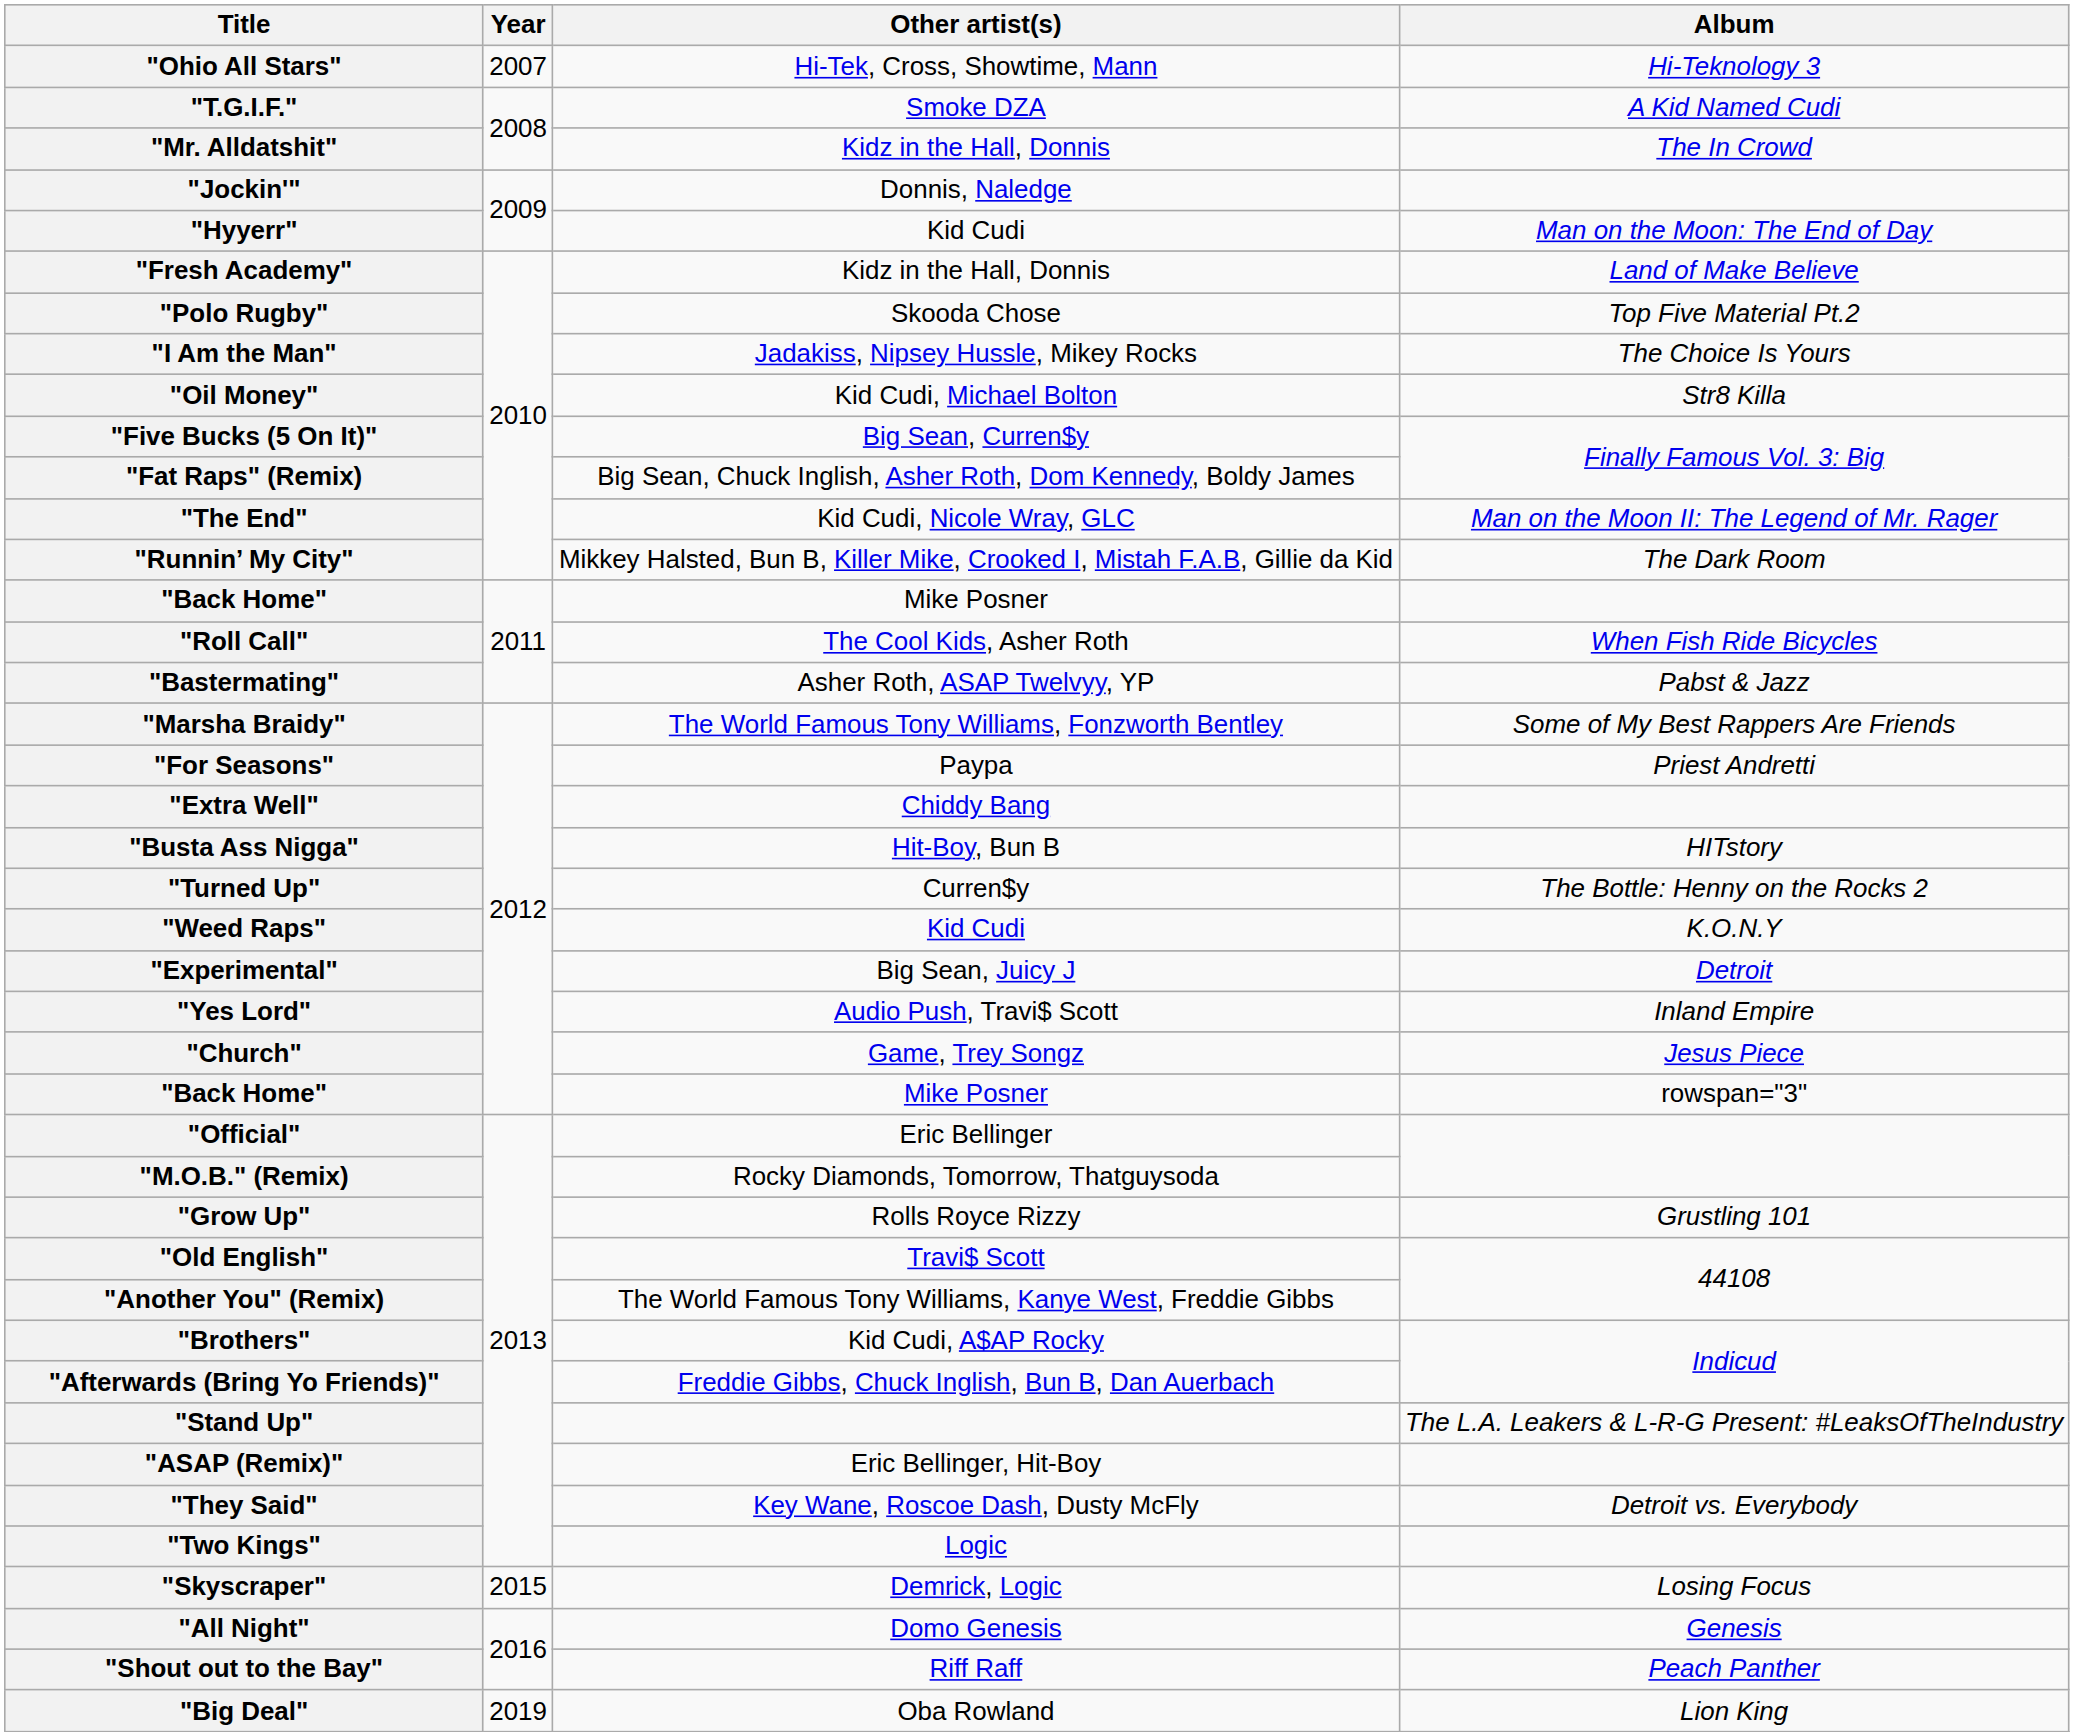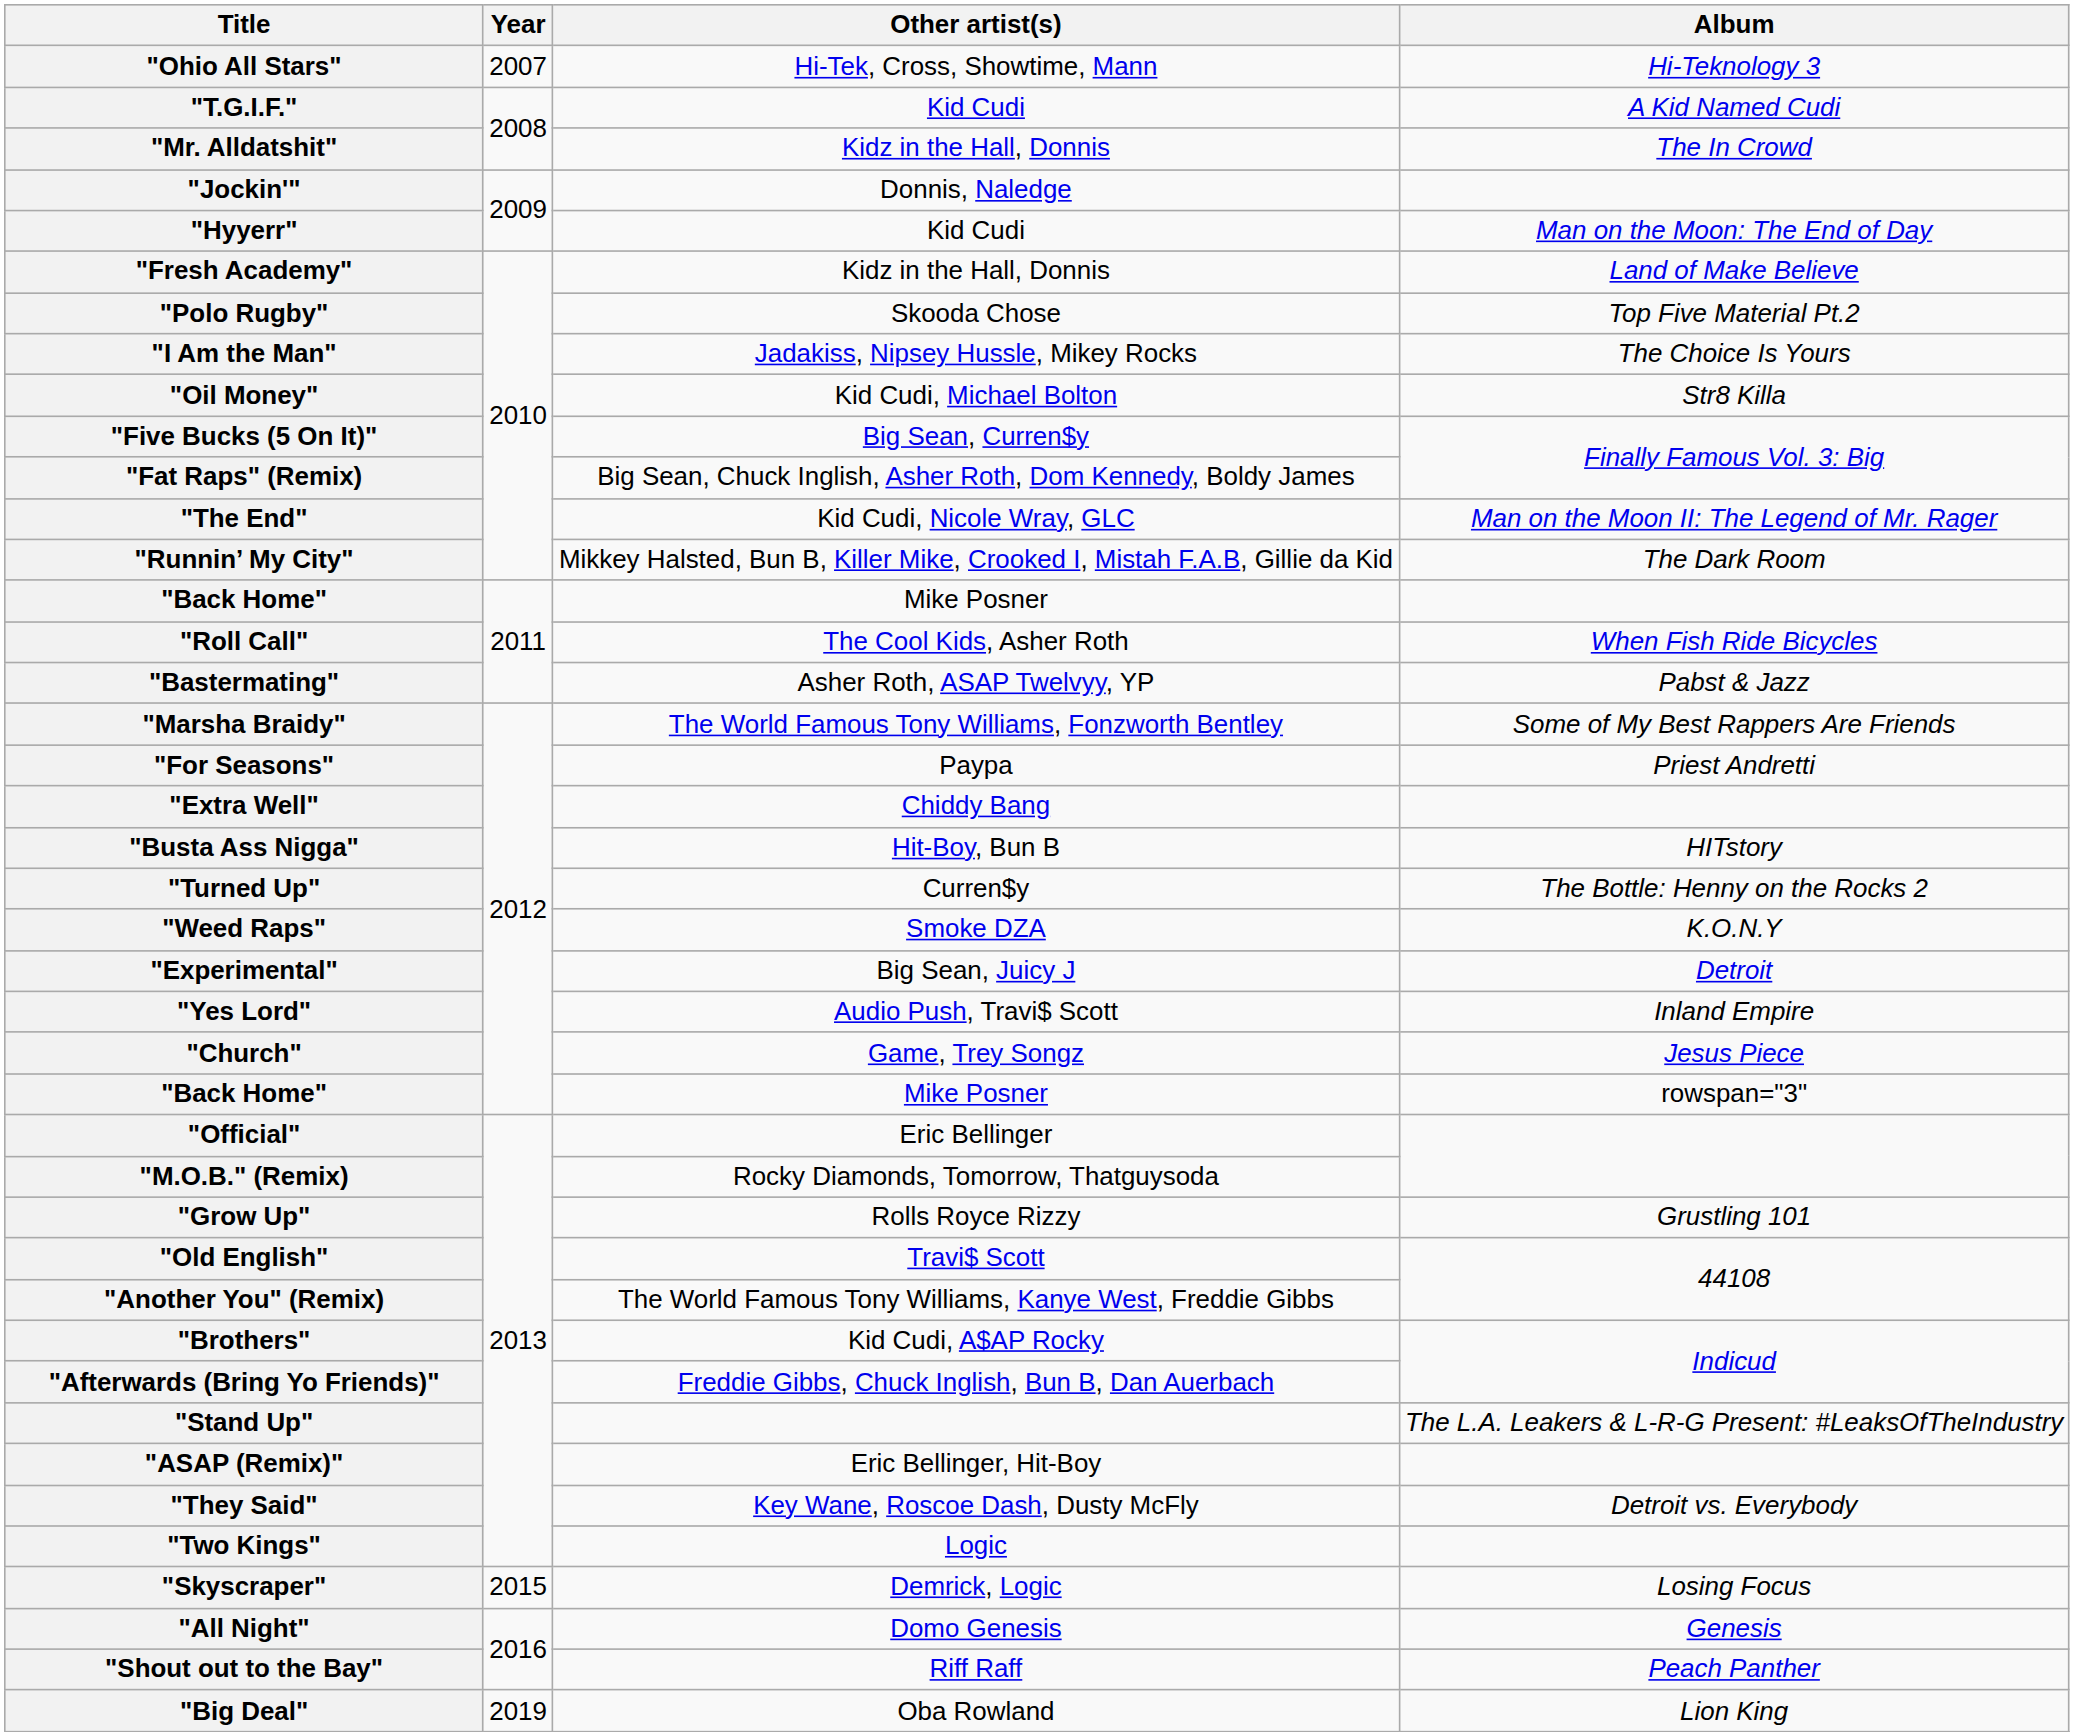 <table class="wikitable plainrowheaders" style="text-align:center;">
 <tr>
 <th scope="col" style="width:18em;">Title</th>
 <th scope="col">Year</th>
 <th scope="col">Other artist(s)</th>
 <th scope="col">Album</th>
 </tr>
 <tr>
 <th scope="row">"Ohio All Stars"</th>
 <td>2007</td>
 <td><a href='#'>Hi-Tek</a>, Cross, Showtime, <a href='#'>Mann</a></td>
 <td><em><a href='#'>Hi-Teknology 3</a></em></td>
 </tr>
 <tr>
 <th scope="row">"T.G.I.F."</th>
 <td rowspan="2">2008</td>
-<td><a href='#'>Smoke DZA</a></td>
+<td><a href='#'>Kid Cudi</a></td>
 <td><em><a href='#'>A Kid Named Cudi</a></em></td>
 </tr>
 <tr>
 <th scope="row">"Mr. Alldatshit"</th>
 <td><a href='#'>Kidz in the Hall</a>, <a href='#'>Donnis</a></td>
 <td><em><a href='#'>The In Crowd</a></em></td>
 </tr>
 <tr>
 <th scope="row">"Jockin'"</th>
 <td rowspan="2">2009</td>
 <td>Donnis, <a href='#'>Naledge</a></td>
 <td></td>
 </tr>
 <tr>
 <th scope="row">"Hyyerr"</th>
 <td>Kid Cudi</td>
 <td><em><a href='#'>Man on the Moon: The End of Day</a></em></td>
 </tr>
 <tr>
 <th scope="row">"Fresh Academy"</th>
 <td rowspan="8">2010</td>
 <td>Kidz in the Hall, Donnis</td>
 <td><em><a href='#'>Land of Make Believe</a></em></td>
 </tr>
 <tr>
 <th scope="row">"Polo Rugby"</th>
 <td>Skooda Chose</td>
 <td><em>Top Five Material Pt.2</em></td>
 </tr>
 <tr>
 <th scope="row">"I Am the Man"</th>
 <td><a href='#'>Jadakiss</a>, <a href='#'>Nipsey Hussle</a>, Mikey Rocks</td>
 <td><em>The Choice Is Yours</em></td>
 </tr>
 <tr>
 <th scope="row">"Oil Money"</th>
 <td>Kid Cudi, <a href='#'>Michael Bolton</a></td>
 <td><em>Str8 Killa</em></td>
 </tr>
 <tr>
 <th scope="row">"Five Bucks (5 On It)"</th>
 <td><a href='#'>Big Sean</a>, <a href='#'>Curren$y</a></td>
 <td rowspan="2"><em><a href='#'>Finally Famous Vol. 3: Big</a></em></td>
 </tr>
 <tr>
 <th scope="row">"Fat Raps" (Remix)</th>
 <td>Big Sean, Chuck Inglish, <a href='#'>Asher Roth</a>, <a href='#'>Dom Kennedy</a>, Boldy James</td>
 </tr>
 <tr>
 <th scope="row">"The End"</th>
 <td>Kid Cudi, <a href='#'>Nicole Wray</a>, <a href='#'>GLC</a></td>
 <td><em><a href='#'>Man on the Moon II: The Legend of Mr. Rager</a></em></td>
 </tr>
 <tr>
 <th scope="row">"Runnin’ My City"</th>
 <td>Mikkey Halsted, Bun B, <a href='#'>Killer Mike</a>, <a href='#'>Crooked I</a>, <a href='#'>Mistah F.A.B</a>, Gillie da Kid</td>
 <td><em>The Dark Room</em></td>
 </tr>
 <tr>
 <th scope="row">"Back Home"</th>
 <td rowspan="3">2011</td>
 <td>Mike Posner</td>
 <td></td>
 </tr>
 <tr>
 <th scope="row">"Roll Call"</th>
 <td><a href='#'>The Cool Kids</a>, Asher Roth</td>
 <td><em><a href='#'>When Fish Ride Bicycles</a></em></td>
 </tr>
 <tr>
 <th scope="row">"Bastermating"</th>
 <td>Asher Roth, <a href='#'>ASAP Twelvyy</a>, YP</td>
 <td><em>Pabst & Jazz</em></td>
 </tr>
 <tr>
 <th scope="row">"Marsha Braidy"</th>
 <td rowspan="10">2012</td>
 <td><a href='#'>The World Famous Tony Williams</a>, <a href='#'>Fonzworth Bentley</a></td>
 <td><em>Some of My Best Rappers Are Friends</em></td>
 </tr>
 <tr>
 <th scope="row">"For Seasons"</th>
 <td>Paypa</td>
 <td><em>Priest Andretti</em></td>
 </tr>
 <tr>
 <th scope="row">"Extra Well"</th>
 <td><a href='#'>Chiddy Bang</a></td>
 <td></td>
 </tr>
 <tr>
 <th scope="row">"Busta Ass Nigga"</th>
 <td><a href='#'>Hit-Boy</a>, Bun B</td>
 <td><em>HITstory</em></td>
 </tr>
 <tr>
 <th scope="row">"Turned Up"</th>
 <td>Curren$y</td>
 <td><em>The Bottle: Henny on the Rocks 2</em></td>
 </tr>
 <tr>
 <th scope="row">"Weed Raps"</th>
-<td><a href='#'>Kid Cudi</a></td>
+<td><a href='#'>Smoke DZA</a></td>
 <td><em>K.O.N.Y</em></td>
 </tr>
 <tr>
 <th scope="row">"Experimental"</th>
 <td>Big Sean, <a href='#'>Juicy J</a></td>
 <td><em><a href='#'>Detroit</a></em></td>
 </tr>
 <tr>
 <th scope="row">"Yes Lord"</th>
 <td><a href='#'>Audio Push</a>, Travi$ Scott</td>
 <td><em>Inland Empire</em></td>
 </tr>
 <tr>
 <th scope="row">"Church"</th>
 <td><a href='#'>Game</a>, <a href='#'>Trey Songz</a></td>
 <td><em><a href='#'>Jesus Piece</a></em></td>
 </tr>
 <tr>
 <th scope="row">"Back Home"</th>
 <td><a href='#'>Mike Posner</a></td>
 <td>rowspan="3" </td>
 </tr>
 <tr>
 <th scope="row">"Official"</th>
 <td rowspan="11">2013</td>
 <td>Eric Bellinger</td>
 </tr>
 <tr>
 <th scope="row">"M.O.B." (Remix)</th>
 <td>Rocky Diamonds, Tomorrow, Thatguysoda</td>
 </tr>
 <tr>
 <th scope="row">"Grow Up"</th>
 <td>Rolls Royce Rizzy</td>
 <td><em>Grustling 101</em></td>
 </tr>
 <tr>
 <th scope="row">"Old English"</th>
 <td><a href='#'>Travi$ Scott</a></td>
 <td rowspan="2"><em>44108</em></td>
 </tr>
 <tr>
 <th scope="row">"Another You" (Remix)</th>
 <td>The World Famous Tony Williams, <a href='#'>Kanye West</a>, Freddie Gibbs</td>
 </tr>
 <tr>
 <th scope="row">"Brothers"</th>
 <td>Kid Cudi, <a href='#'>A$AP Rocky</a></td>
 <td rowspan="2"><em><a href='#'>Indicud</a></em></td>
 </tr>
 <tr>
 <th scope="row">"Afterwards (Bring Yo Friends)"</th>
 <td><a href='#'>Freddie Gibbs</a>, <a href='#'>Chuck Inglish</a>, <a href='#'>Bun B</a>, <a href='#'>Dan Auerbach</a></td>
 </tr>
 <tr>
 <th scope="row">"Stand Up"</th>
 <td></td>
 <td><em>The L.A. Leakers & L-R-G Present: #LeaksOfTheIndustry</em></td>
 </tr>
 <tr>
 <th scope="row">"ASAP (Remix)"</th>
 <td>Eric Bellinger, Hit-Boy</td>
 <td></td>
 </tr>
 <tr>
 <th scope="row">"They Said"</th>
 <td><a href='#'>Key Wane</a>, <a href='#'>Roscoe Dash</a>, Dusty McFly</td>
 <td><em>Detroit vs. Everybody</em></td>
 </tr>
 <tr>
 <th scope="row">"Two Kings"</th>
 <td><a href='#'>Logic</a></td>
 <td></td>
 </tr>
 <tr>
 <th scope="row">"Skyscraper"</th>
 <td rowspan="1">2015</td>
 <td><a href='#'>Demrick</a>, <a href='#'>Logic</a></td>
 <td><em>Losing Focus</em></td>
 </tr>
 <tr>
 <th scope="row">"All Night"</th>
 <td rowspan="2">2016</td>
 <td><a href='#'>Domo Genesis</a></td>
 <td><em><a href='#'>Genesis</a></em></td>
 </tr>
 <tr>
 <th scope="row">"Shout out to the Bay"</th>
 <td><a href='#'>Riff Raff</a></td>
 <td><em><a href='#'>Peach Panther</a></em></td>
 </tr>
 <tr>
 <th scope="row">"Big Deal"</th>
 <td rowspan="1">2019</td>
 <td>Oba Rowland</td>
 <td><em>Lion King</em></td>
 </tr>
 <tr>
 </tr>
 </table>
